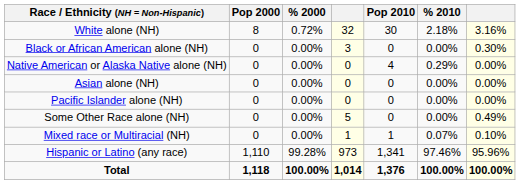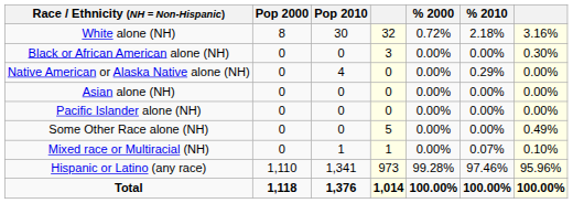 <table class="wikitable" style="text-align:center;">
 <tr>
 <th>Race / Ethnicity <small>(<em>NH = Non-Hispanic</em>)</small></th>
 <th>Pop 2000</th>
+<th>Pop 2010</th>
+<th></th>
 <th>% 2000</th>
-<th></th>
-<th>Pop 2010</th>
 <th>% 2010</th>
 <th></th>
 </tr>
 <tr>
 <td><a href='#'>White</a> alone (NH)</td>
 <td>8</td>
+<td>30</td>
+<td style='background: #ffffe6;'>32</td>
 <td>0.72%</td>
-<td style='background: #ffffe6;'>32</td>
-<td>30</td>
 <td>2.18%</td>
 <td style='background: #ffffe6;'>3.16%</td>
 </tr>
 <tr>
 <td><a href='#'>Black or African American</a> alone (NH)</td>
 <td>0</td>
+<td>0</td>
+<td style='background: #ffffe6;'>3</td>
 <td>0.00%</td>
-<td style='background: #ffffe6;'>3</td>
-<td>0</td>
 <td>0.00%</td>
 <td style='background: #ffffe6;'>0.30%</td>
 </tr>
 <tr>
 <td><a href='#'>Native American</a> or <a href='#'>Alaska Native</a> alone (NH)</td>
 <td>0</td>
+<td>4</td>
+<td style='background: #ffffe6;'>0</td>
 <td>0.00%</td>
-<td style='background: #ffffe6;'>0</td>
-<td>4</td>
 <td>0.29%</td>
 <td style='background: #ffffe6;'>0.00%</td>
 </tr>
 <tr>
 <td><a href='#'>Asian</a> alone (NH)</td>
 <td>0</td>
+<td>0</td>
+<td style='background: #ffffe6;'>0</td>
 <td>0.00%</td>
-<td style='background: #ffffe6;'>0</td>
-<td>0</td>
 <td>0.00%</td>
 <td style='background: #ffffe6;'>0.00%</td>
 </tr>
 <tr>
 <td><a href='#'>Pacific Islander</a> alone (NH)</td>
 <td>0</td>
+<td>0</td>
+<td style='background: #ffffe6;'>0</td>
 <td>0.00%</td>
-<td style='background: #ffffe6;'>0</td>
-<td>0</td>
 <td>0.00%</td>
 <td style='background: #ffffe6;'>0.00%</td>
 </tr>
 <tr>
 <td>Some Other Race alone (NH)</td>
 <td>0</td>
+<td>0</td>
+<td style='background: #ffffe6;'>5</td>
 <td>0.00%</td>
-<td style='background: #ffffe6;'>5</td>
-<td>0</td>
 <td>0.00%</td>
 <td style='background: #ffffe6;'>0.49%</td>
 </tr>
 <tr>
 <td><a href='#'>Mixed race or Multiracial</a> (NH)</td>
 <td>0</td>
+<td>1</td>
+<td style='background: #ffffe6;'>1</td>
 <td>0.00%</td>
-<td style='background: #ffffe6;'>1</td>
-<td>1</td>
 <td>0.07%</td>
 <td style='background: #ffffe6;'>0.10%</td>
 </tr>
 <tr>
 <td><a href='#'>Hispanic or Latino</a> (any race)</td>
 <td>1,110</td>
+<td>1,341</td>
+<td style='background: #ffffe6;'>973</td>
 <td>99.28%</td>
-<td style='background: #ffffe6;'>973</td>
-<td>1,341</td>
 <td>97.46%</td>
 <td style='background: #ffffe6;'>95.96%</td>
 </tr>
 <tr>
 <td><strong>Total</strong></td>
 <td><strong>1,118 </strong></td>
+<td><strong>1,376</strong></td>
+<td style='background: #ffffe6;'><strong>1,014</strong></td>
 <td><strong>100.00%</strong></td>
-<td style='background: #ffffe6;'><strong>1,014</strong></td>
-<td><strong>1,376</strong></td>
 <td><strong>100.00%</strong></td>
 <td style='background: #ffffe6;'><strong>100.00%</strong></td>
 </tr>
 </table>
